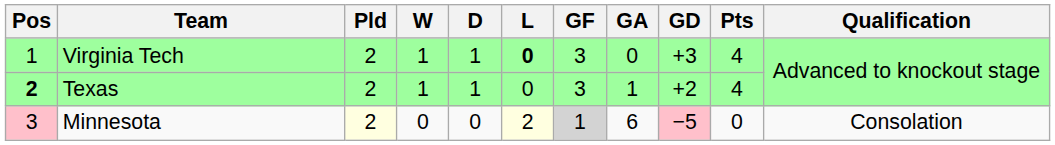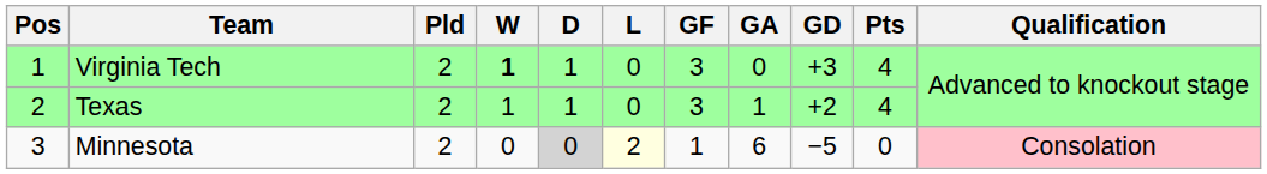 <table class="wikitable" style="text-align:center; margin: 1em auto">
 <tr>
 <th style="width:2em">Pos</th>
 <th style="width:13em">Team</th>
 <th style="width:2em">Pld</th>
 <th style="width:2em">W</th>
 <th style="width:2em">D</th>
 <th style="width:2em">L</th>
 <th style="width:2em">GF</th>
 <th style="width:2em">GA</th>
 <th style="width:2em">GD</th>
 <th style="width:2em">Pts</th>
 <th style="width:13em">Qualification</th>
 </tr>
 <tr bgcolor="#9eff9e">
 <td>1</td>
 <td style="text-align:left">Virginia Tech</td>
 <td>2</td>
+<td><strong>1</strong></td>
 <td>1</td>
-<td>1</td>
-<td><strong>0</strong></td>
+<td>0</td>
 <td>3</td>
 <td>0</td>
 <td>+3</td>
 <td>4</td>
 <td rowspan="2">Advanced to knockout stage</td>
 </tr>
 <tr bgcolor="#9eff9e">
-<td><strong>2</strong></td>
+<td>2</td>
 <td style="text-align:left">Texas</td>
 <td>2</td>
 <td>1</td>
 <td>1</td>
 <td>0</td>
 <td>3</td>
 <td>1</td>
 <td>+2</td>
 <td>4</td>
 </tr>
 <tr>
-<td style="background: pink;">3</td>
+<td>3</td>
 <td style="text-align:left">Minnesota</td>
+<td>2</td>
+<td>0</td>
+<td style="background: lightgrey;">0</td>
 <td style="background: lightyellow;">2</td>
+<td>1</td>
+<td>6</td>
+<td>−5</td>
 <td>0</td>
-<td>0</td>
-<td style="background: lightyellow;">2</td>
-<td style="background: lightgrey;">1</td>
-<td>6</td>
-<td style="background: pink;">−5</td>
-<td>0</td>
-<td>Consolation</td>
+<td style="background: pink;">Consolation</td>
 </tr>
 </table>
